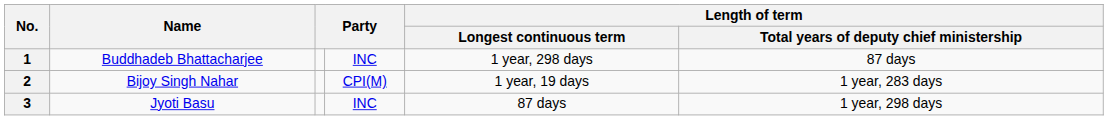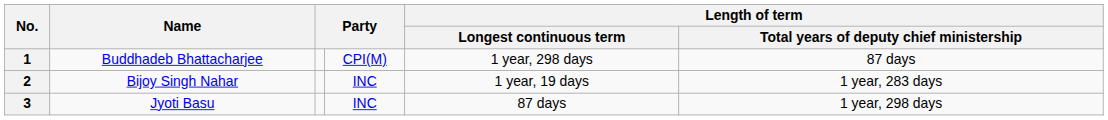 <table class="wikitable sortable" style="width:100%; text-align:center">
 <tr>
 <th rowspan=2>No.</th>
 <th rowspan=2>Name</th>
 <th rowspan=2 colspan=2>Party</th>
 <th colspan=2>Length of term</th>
 </tr>
 <tr>
 <th>Longest continuous term</th>
 <th>Total years of deputy chief ministership</th>
 </tr>
 <tr>
 <th>1</th>
 <td><a href='#'>Buddhadeb Bhattacharjee</a></td>
 <td style="background-color:"></td>
-<td><a href='#'>INC</a></td>
+<td><a href='#'>CPI(M)</a></td>
 <td>1 year, 298 days</td>
 <td>87 days</td>
 </tr>
 <tr>
 <th>2</th>
 <td><a href='#'>Bijoy Singh Nahar</a></td>
 <td style="background-color:"></td>
-<td><a href='#'>CPI(M)</a></td>
+<td><a href='#'>INC</a></td>
 <td>1 year, 19 days</td>
 <td>1 year, 283 days</td>
 </tr>
 <tr>
 <th>3</th>
 <td><a href='#'>Jyoti Basu</a></td>
 <td style="background-color:"></td>
 <td><a href='#'>INC</a></td>
 <td>87 days</td>
 <td>1 year, 298 days</td>
 </tr>
 </table>
